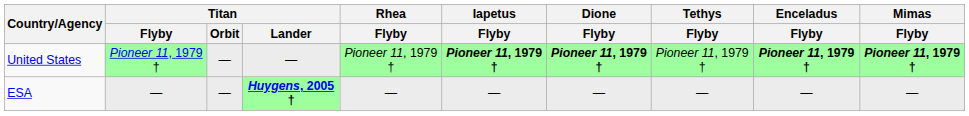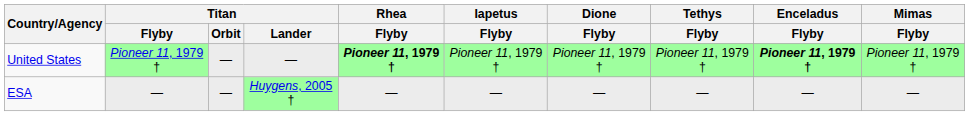 <table class="wikitable sortable">
 <tr>
 <th rowspan="2">Country/Agency</th>
 <th colspan="3">Titan</th>
 <th>Rhea</th>
 <th>Iapetus</th>
 <th>Dione</th>
 <th>Tethys</th>
 <th>Enceladus</th>
 <th>Mimas</th>
 </tr>
 <tr>
 <th>Flyby</th>
 <th>Orbit</th>
 <th>Lander</th>
 <th>Flyby</th>
 <th>Flyby</th>
 <th>Flyby</th>
 <th>Flyby</th>
 <th>Flyby</th>
 <th>Flyby</th>
 </tr>
 <tr>
 <td> <a href='#'>United States</a></td>
 <td style="background:#9EFF9E; text-align:center;" data-sort-value="1"><a href='#'><em>Pioneer 11</em>, 1979</a> †</td>
 <td style="background:#ECECEC; text-align:center;" data-sort-value="1">—</td>
 <td style="background:#ECECEC; text-align:center;" data-sort-value="1">—</td>
+<td style="background:#9EFF9E; text-align:center;" data-sort-value="1"><strong><em>Pioneer 11</em>, 1979 †</strong></td>
+<td style="background:#9EFF9E; text-align:center;" data-sort-value="1"><em>Pioneer 11</em>, 1979 †</td>
+<td style="background:#9EFF9E; text-align:center;" data-sort-value="1"><em>Pioneer 11</em>, 1979 †</td>
 <td style="background:#9EFF9E; text-align:center;" data-sort-value="1"><em>Pioneer 11</em>, 1979 †</td>
 <td style="background:#9EFF9E; text-align:center;" data-sort-value="1"><strong><em>Pioneer 11</em>, 1979 †</strong></td>
-<td style="background:#9EFF9E; text-align:center;" data-sort-value="1"><strong><em>Pioneer 11</em>, 1979 †</strong></td>
 <td style="background:#9EFF9E; text-align:center;" data-sort-value="1"><em>Pioneer 11</em>, 1979 †</td>
-<td style="background:#9EFF9E; text-align:center;" data-sort-value="1"><strong><em>Pioneer 11</em>, 1979 †</strong></td>
-<td style="background:#9EFF9E; text-align:center;" data-sort-value="1"><strong><em>Pioneer 11</em>, 1979 †</strong></td>
 </tr>
 <tr>
 <td> <a href='#'>ESA</a></td>
 <td style="background:#ECECEC; text-align:center;" data-sort-value="2">—</td>
 <td style="background:#ECECEC; text-align:center;" data-sort-value="1">—</td>
-<td style="background:#9EFF9E; text-align:center;" data-sort-value="1"><strong><a href='#'><em>Huygens</em>, 2005</a> †</strong></td>
+<td style="background:#9EFF9E; text-align:center;" data-sort-value="1"><a href='#'><em>Huygens</em>, 2005</a> †</td>
 <td style="background:#ECECEC; text-align:center;" data-sort-value="1">—</td>
 <td style="background:#ECECEC; text-align:center;" data-sort-value="1">—</td>
 <td style="background:#ECECEC; text-align:center;" data-sort-value="1">—</td>
 <td style="background:#ECECEC; text-align:center;" data-sort-value="1">—</td>
 <td style="background:#ECECEC; text-align:center;" data-sort-value="1">—</td>
 <td style="background:#ECECEC; text-align:center;" data-sort-value="1">—</td>
 </tr>
 </table>
